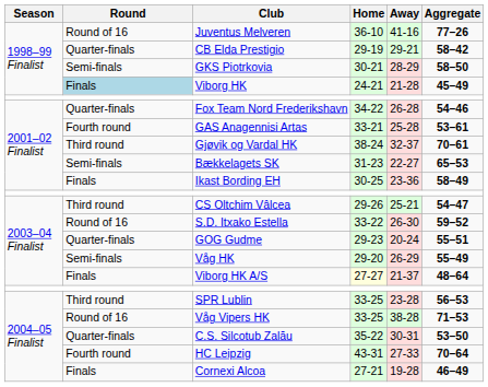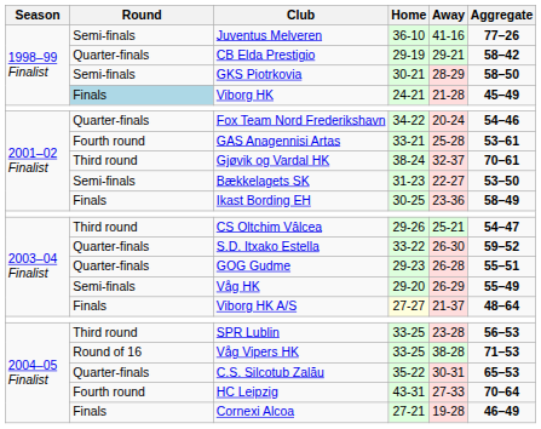 <table class="wikitable">
 <tr>
 <th width=75>Season</th>
 <th width=175>Round</th>
 <th>Club</th>
 <th>Home</th>
 <th>Away</th>
 <th>Aggregate</th>
 </tr>
 <tr>
 <td rowspan=4><a href='#'>1998–99</a><br> <em>Finalist</em></td>
-<td>Round of 16</td>
+<td>Semi-finals</td>
 <td> <a href='#'>Juventus Melveren</a></td>
 <td style="text-align:center; background:#dfd;">36-10</td>
 <td style="text-align:center; background:#dfd;">41-16</td>
 <td style="text-align:center;"><strong>77–26</strong></td>
 </tr>
 <tr>
 <td>Quarter-finals</td>
 <td> <a href='#'>CB Elda Prestigio</a></td>
 <td style="text-align:center; background:#dfd;">29-19</td>
 <td style="text-align:center; background:#dfd;">29-21</td>
 <td style="text-align:center;"><strong>58–42</strong></td>
 </tr>
 <tr>
 <td>Semi-finals</td>
 <td> <a href='#'>GKS Piotrkovia</a></td>
 <td style="text-align:center; background:#dfd;">30-21</td>
 <td style="text-align:center; background:#fdd;">28-29</td>
 <td style="text-align:center;"><strong>58–50</strong></td>
 </tr>
 <tr>
 <td style="background: lightblue;">Finals</td>
 <td> <a href='#'>Viborg HK</a></td>
 <td style="text-align:center; background:#dfd;">24-21</td>
 <td style="text-align:center; background:#fdd;">21-28</td>
 <td style="text-align:center;"><strong>45–49</strong></td>
 </tr>
 <tr>
 <td colspan=7 style="text-align: center;" bgcolor=white></td>
 </tr>
 <tr>
 <td rowspan=5><a href='#'>2001–02</a><br> <em>Finalist</em></td>
 <td>Quarter-finals</td>
 <td> <a href='#'>Fox Team Nord Frederikshavn</a></td>
 <td style="text-align:center; background:#dfd;">34-22</td>
-<td style="text-align:center; background:#fdd;">26-28</td>
+<td style="text-align:center; background:#fdd;">20-24</td>
 <td style="text-align:center;"><strong>54–46</strong></td>
 </tr>
 <tr>
 <td>Fourth round</td>
 <td> <a href='#'>GAS Anagennisi Artas</a></td>
 <td style="text-align:center; background:#dfd;">33-21</td>
 <td style="text-align:center; background:#fdd;">25-28</td>
 <td style="text-align:center;"><strong>53–61</strong></td>
 </tr>
 <tr>
 <td>Third round</td>
 <td> <a href='#'>Gjøvik og Vardal HK</a></td>
 <td style="text-align:center; background:#dfd;">38-24</td>
 <td style="text-align:center; background:#fdd;">32-37</td>
 <td style="text-align:center;"><strong>70–61</strong></td>
 </tr>
 <tr>
 <td>Semi-finals</td>
 <td> <a href='#'>Bækkelagets SK</a></td>
 <td style="text-align:center; background:#dfd;">31-23</td>
 <td style="text-align:center; background:#fdd;">22-27</td>
-<td style="text-align:center;"><strong>65–53</strong></td>
+<td style="text-align:center;"><strong>53–50</strong></td>
 </tr>
 <tr>
 <td>Finals</td>
 <td> <a href='#'>Ikast Bording EH</a></td>
 <td style="text-align:center; background:#dfd;">30-25</td>
 <td style="text-align:center; background:#fdd;">23-36</td>
 <td style="text-align:center;"><strong>58–49</strong></td>
 </tr>
 <tr>
 <td colspan=7 style="text-align: center;" bgcolor=white></td>
 </tr>
 <tr>
 <td rowspan=5><a href='#'>2003–04</a><br> <em>Finalist</em></td>
 <td>Third round</td>
 <td> <a href='#'>CS Oltchim Vâlcea</a></td>
 <td style="text-align:center; background:#dfd;">29-26</td>
 <td style="text-align:center; background:#dfd;">25-21</td>
 <td style="text-align:center;"><strong>54–47</strong></td>
 </tr>
 <tr>
-<td>Round of 16</td>
+<td>Quarter-finals</td>
 <td> <a href='#'>S.D. Itxako Estella</a></td>
 <td style="text-align:center; background:#dfd;">33-22</td>
 <td style="text-align:center; background:#fdd;">26-30</td>
 <td style="text-align:center;"><strong>59–52</strong></td>
 </tr>
 <tr>
 <td>Quarter-finals</td>
 <td> <a href='#'>GOG Gudme</a></td>
 <td style="text-align:center; background:#dfd;">29-23</td>
-<td style="text-align:center; background:#fdd;">20-24</td>
+<td style="text-align:center; background:#fdd;">26-28</td>
 <td style="text-align:center;"><strong>55–51</strong></td>
 </tr>
 <tr>
 <td>Semi-finals</td>
 <td> <a href='#'>Våg HK</a></td>
 <td style="text-align:center; background:#dfd;">29-20</td>
 <td style="text-align:center; background:#fdd;">26-29</td>
 <td style="text-align:center;"><strong>55–49</strong></td>
 </tr>
 <tr>
 <td>Finals</td>
 <td> <a href='#'>Viborg HK A/S</a></td>
 <td style="text-align:center; background:#ffd;">27-27</td>
 <td style="text-align:center; background:#fdd;">21-37</td>
 <td style="text-align:center;"><strong>48–64</strong></td>
 </tr>
 <tr>
 <td colspan=7 style="text-align: center;" bgcolor=white></td>
 </tr>
 <tr>
 <td rowspan=5><a href='#'>2004–05</a><br> <em>Finalist</em></td>
 <td>Third round</td>
 <td> <a href='#'>SPR Lublin</a></td>
 <td style="text-align:center; background:#dfd;">33-25</td>
 <td style="text-align:center; background:#fdd;">23-28</td>
 <td style="text-align:center;"><strong>56–53</strong></td>
 </tr>
 <tr>
 <td>Round of 16</td>
 <td> <a href='#'>Våg Vipers HK</a></td>
 <td style="text-align:center; background:#dfd;">33-25</td>
 <td style="text-align:center; background:#dfd;">38-28</td>
 <td style="text-align:center;"><strong>71–53</strong></td>
 </tr>
 <tr>
 <td>Quarter-finals</td>
 <td> <a href='#'>C.S. Silcotub Zalău</a></td>
 <td style="text-align:center; background:#dfd;">35-22</td>
 <td style="text-align:center; background:#fdd;">30-31</td>
-<td style="text-align:center;"><strong>53–50</strong></td>
+<td style="text-align:center;"><strong>65–53</strong></td>
 </tr>
 <tr>
 <td>Fourth round</td>
 <td> <a href='#'>HC Leipzig</a></td>
 <td style="text-align:center; background:#dfd;">43-31</td>
 <td style="text-align:center; background:#fdd;">27-33</td>
 <td style="text-align:center;"><strong>70–64</strong></td>
 </tr>
 <tr>
 <td>Finals</td>
 <td> <a href='#'>Cornexi Alcoa</a></td>
 <td style="text-align:center; background:#dfd;">27-21</td>
 <td style="text-align:center; background:#fdd;">19-28</td>
 <td style="text-align:center;"><strong>46–49</strong></td>
 </tr>
 </table>
